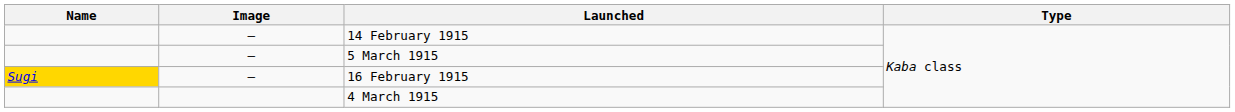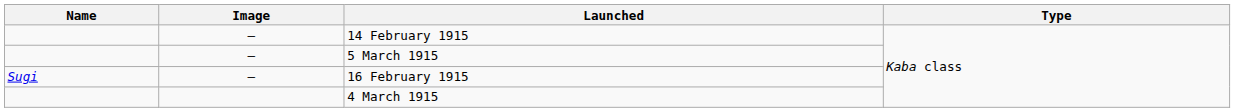 <table class="wikitable" width="100%">
 <tr>
 <th>Name</th>
 <th>Image</th>
 <th>Launched</th>
 <th>Type</th>
 </tr>
 <tr>
 <td></td>
 <td align=center>—</td>
 <td>14 February 1915</td>
 <td rowspan=4><em>Kaba</em> class</td>
 </tr>
 <tr>
 <td></td>
 <td align=center>—</td>
 <td>5 March 1915</td>
 </tr>
 <tr>
-<td style="background: gold;"><em><a href='#'>Sugi</a></em></td>
+<td><em><a href='#'>Sugi</a></em></td>
 <td align=center>—</td>
 <td>16 February 1915</td>
 </tr>
 <tr>
 <td></td>
 <td align=center></td>
 <td>4 March 1915</td>
 </tr>
 </table>
